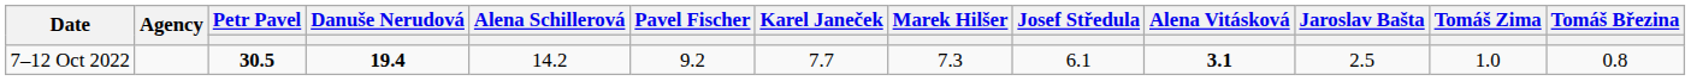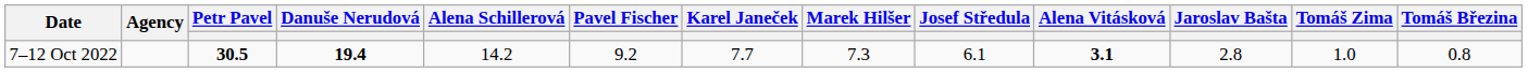 <table class="wikitable" style=text-align:center;font-size:85%;line-height:14px;">
 <tr>
 <th rowspan="2">Date</th>
 <th rowspan="2">Agency</th>
 <th><a href='#'>Petr Pavel</a></th>
 <th><a href='#'>Danuše Nerudová</a></th>
 <th><a href='#'>Alena Schillerová</a></th>
 <th><a href='#'>Pavel Fischer</a></th>
 <th><a href='#'>Karel Janeček</a></th>
 <th><a href='#'>Marek Hilšer</a></th>
 <th><a href='#'>Josef Středula</a></th>
 <th><a href='#'>Alena Vitásková</a></th>
 <th><a href='#'>Jaroslav Bašta</a></th>
 <th><a href='#'>Tomáš Zima</a></th>
 <th><a href='#'>Tomáš Březina</a></th>
 </tr>
 <tr>
 <th style="background:"></th>
 <th style="background:"></th>
 <th style="background:"></th>
 <th style="background:"></th>
 <th style="background:"></th>
 <th style="background:"></th>
 <th style="background:"></th>
 <th style="background:"></th>
 <th style="background:"></th>
 <th style="background:"></th>
 <th style="background:"></th>
 </tr>
 <tr>
 <td>7–12 Oct 2022</td>
 <td></td>
 <td><strong>30.5</strong></td>
 <td><strong>19.4</strong></td>
 <td>14.2</td>
 <td>9.2</td>
 <td>7.7</td>
 <td>7.3</td>
 <td>6.1</td>
 <td><strong>3.1</strong></td>
-<td>2.5</td>
+<td>2.8</td>
 <td>1.0</td>
 <td>0.8</td>
 </tr>
 </table>
